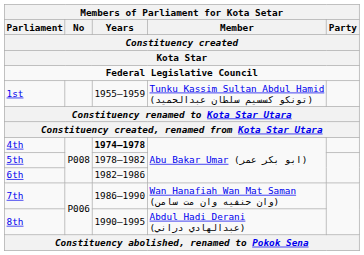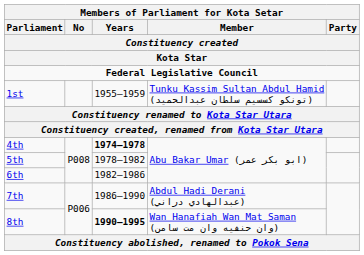 <table class=wikitable>
 <tr>
 <th colspan="5">Members of Parliament for Kota Setar</th>
 </tr>
 <tr>
 <th>Parliament</th>
 <th>No</th>
 <th>Years</th>
 <th>Member</th>
 <th>Party</th>
 </tr>
 <tr>
 <th colspan="5"><em>Constituency created</em></th>
 </tr>
 <tr>
 <th colspan="5">Kota Star</th>
 </tr>
 <tr>
 <td colspan="5" align="center"><strong>Federal Legislative Council</strong></td>
 </tr>
 <tr>
 <td><a href='#'>1st</a></td>
 <td></td>
 <td>1955–1959</td>
 <td><a href='#'>Tunku Kassim Sultan Abdul Hamid</a> <br>  (تونكو كسسيم سلطان عبدالحميد)</td>
 <td></td>
 </tr>
 <tr>
 <th colspan="5"><em>Constituency renamed to <a href='#'>Kota Star Utara</a></em></th>
 </tr>
 <tr>
 <th colspan="5" align="center"><em>Constituency created, renamed from <a href='#'>Kota Star Utara</a></em></th>
 </tr>
 <tr>
 <td><a href='#'>4th</a></td>
 <td rowspan="3">P008</td>
 <td><strong>1974–1978</strong></td>
 <td rowspan="3"><a href='#'>Abu Bakar Umar</a>   (ابو بكر عمر)</td>
 <td></td>
 </tr>
 <tr>
 <td><a href='#'>5th</a></td>
 <td>1978–1982</td>
 <td rowspan="2"></td>
 </tr>
 <tr>
 <td><a href='#'>6th</a></td>
 <td>1982–1986</td>
 </tr>
 <tr>
 <td><a href='#'>7th</a></td>
 <td rowspan="2">P006</td>
 <td>1986–1990</td>
-<td><a href='#'>Wan Hanafiah Wan Mat Saman</a> <br>  (وان حنفيه وان مت سامن)</td>
+<td><a href='#'>Abdul Hadi Derani</a> <br>  (عبدالهادي دراني)</td>
 <td rowspan="2"></td>
 </tr>
 <tr>
 <td><a href='#'>8th</a></td>
-<td>1990–1995</td>
-<td><a href='#'>Abdul Hadi Derani</a> <br>  (عبدالهادي دراني)</td>
+<td><strong>1990–1995</strong></td>
+<td><a href='#'>Wan Hanafiah Wan Mat Saman</a> <br>  (وان حنفيه وان مت سامن)</td>
 </tr>
 <tr>
 <th colspan="5" align="center"><em>Constituency abolished, renamed to <a href='#'>Pokok Sena</a></em></th>
 </tr>
 </table>
